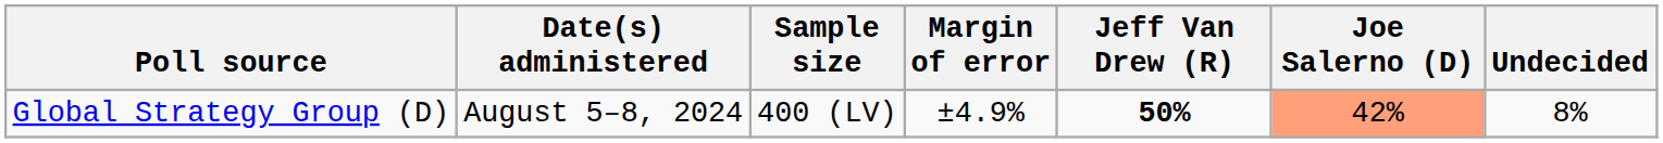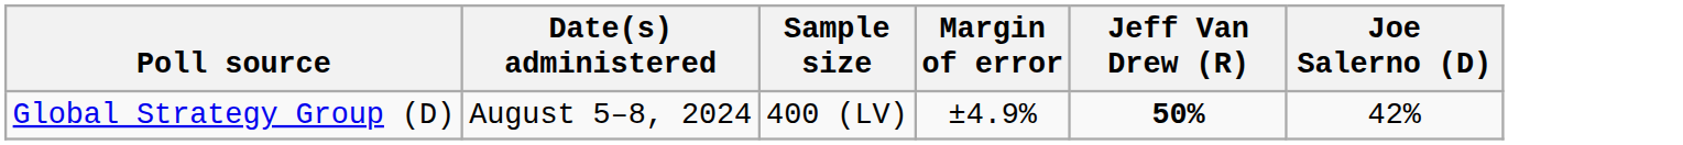 <table class="wikitable" style="font-size:90%;text-align:center;">
 <tr valign=bottom>
 <th>Poll source</th>
 <th>Date(s)<br>administered</th>
 <th>Sample<br>size</th>
 <th>Margin<br>of error</th>
 <th style="width:80px;">Jeff Van<br>Drew (R)</th>
 <th style="width:80px;">Joe<br>Salerno (D)</th>
-<th>Undecided</th>
 </tr>
 <tr>
 <td style="text-align:left"><a href='#'>Global Strategy Group</a> (D)</td>
 <td>August 5–8, 2024</td>
 <td>400 (LV)</td>
 <td>±4.9%</td>
 <td><strong>50%</strong></td>
-<td style="background: lightsalmon;">42%</td>
-<td>8%</td>
+<td>42%</td>
 </tr>
 </table>
